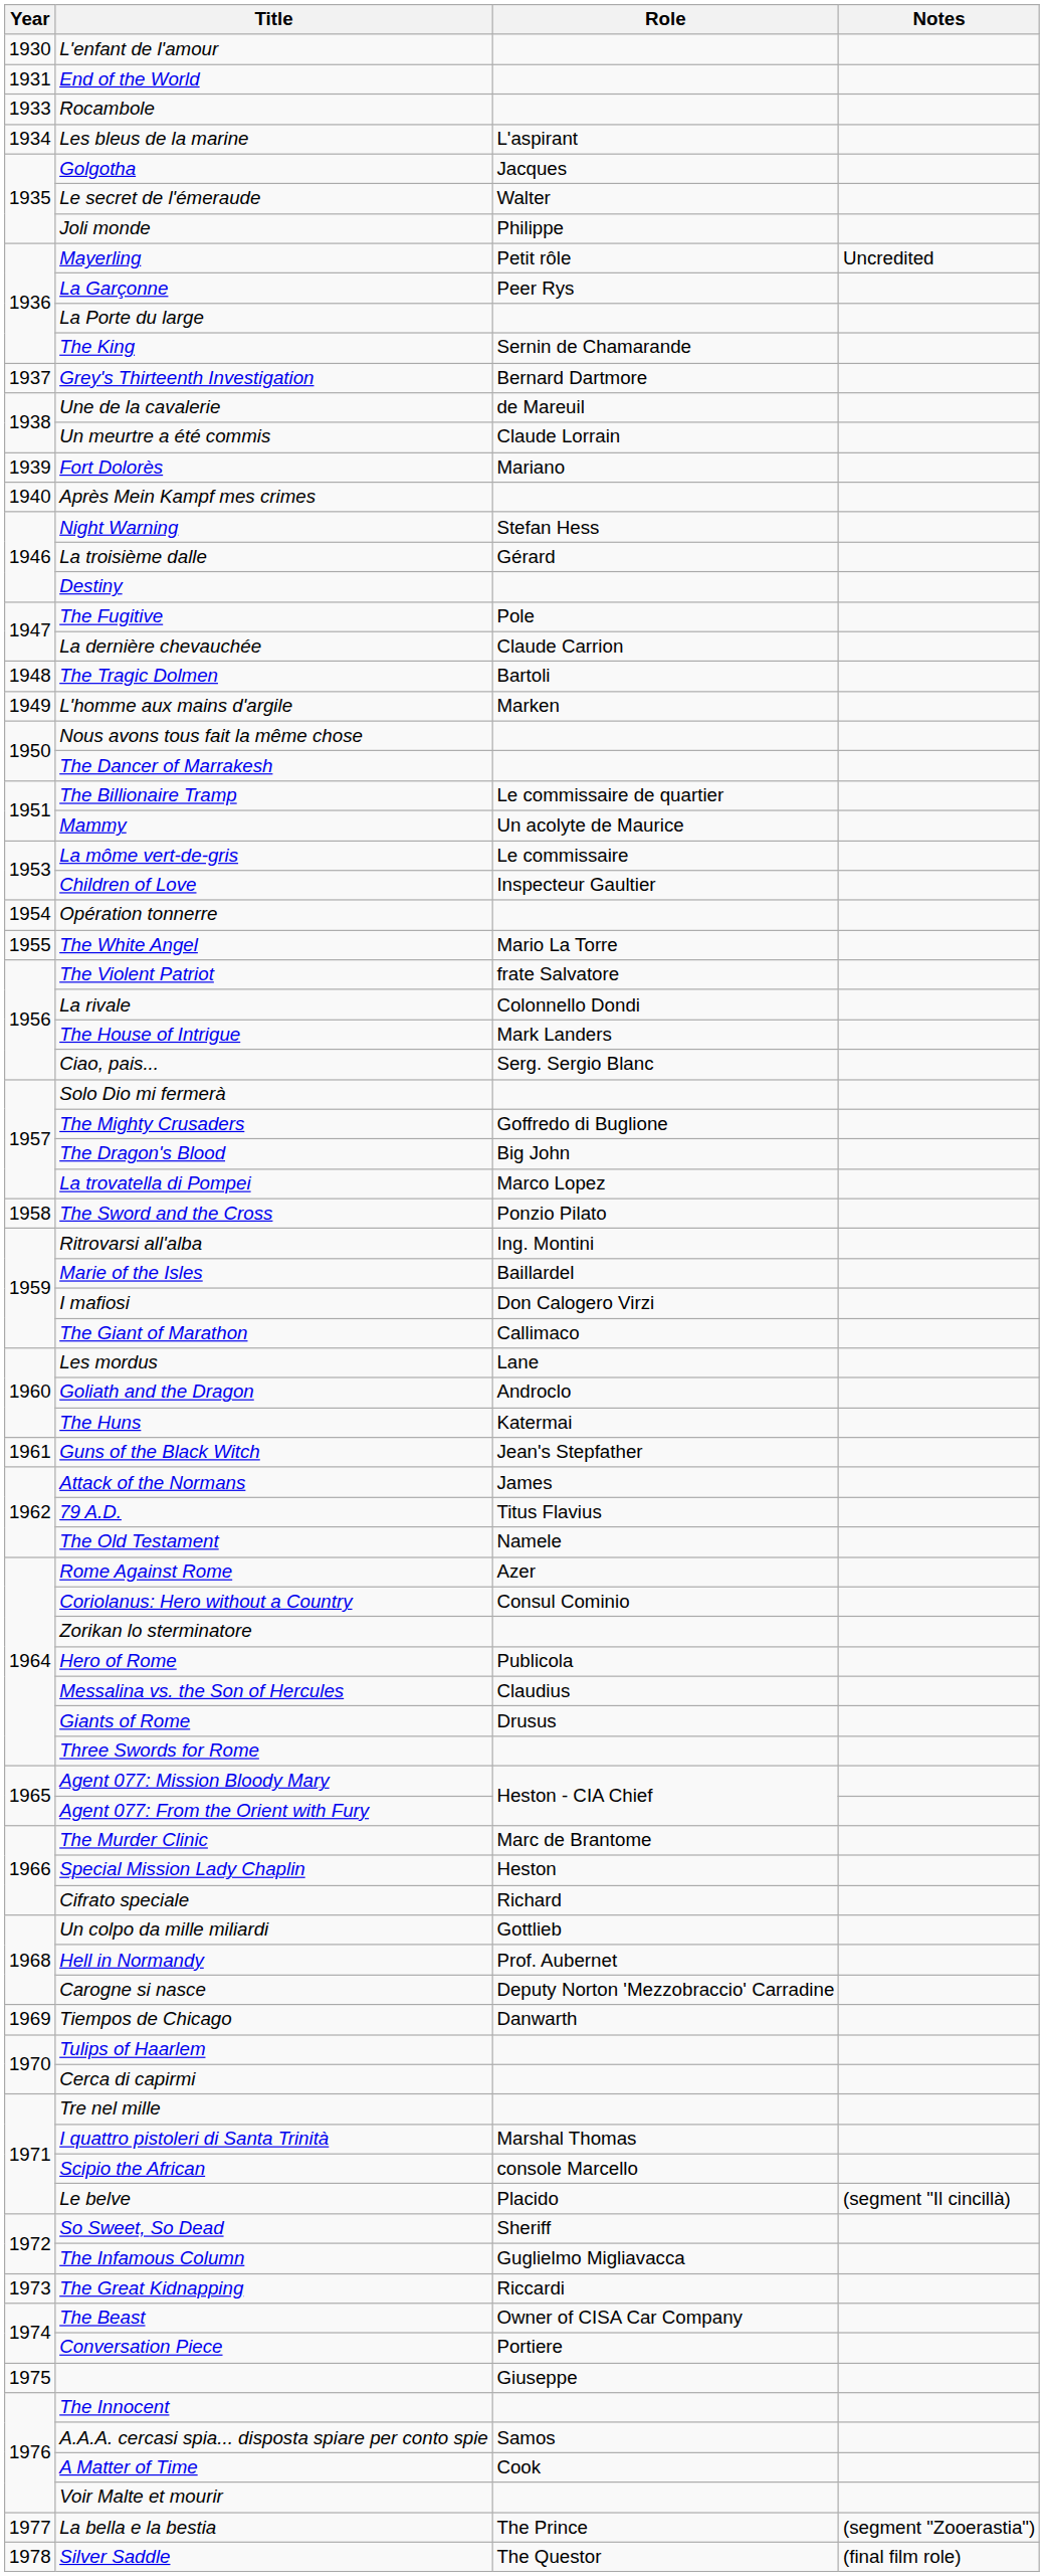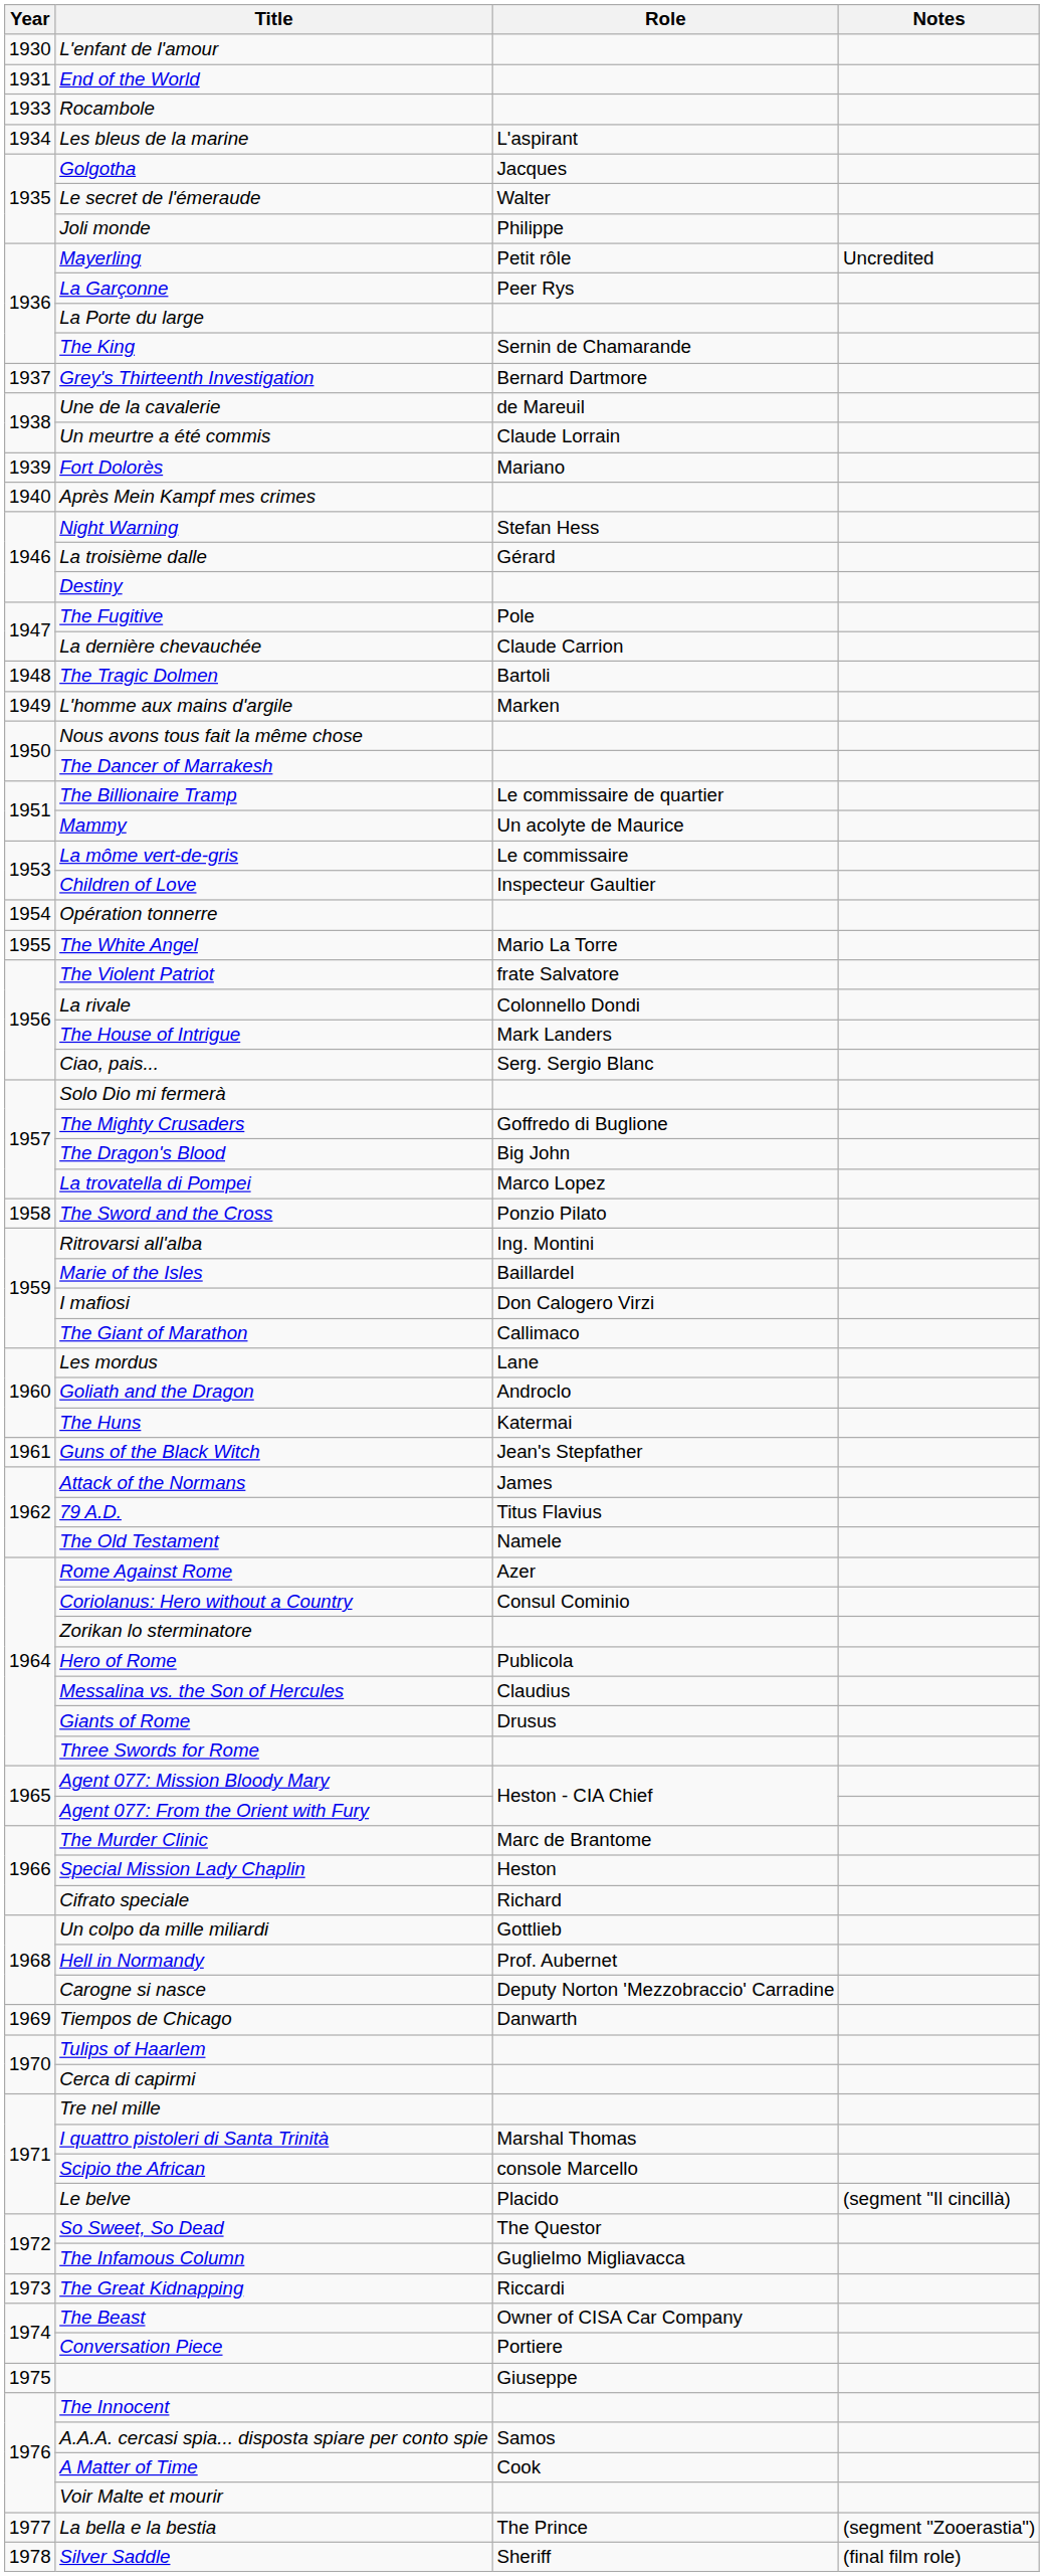 <table class="wikitable sortable">
 <tr>
 <th>Year</th>
 <th>Title</th>
 <th>Role</th>
 <th class="unsortable">Notes</th>
 </tr>
 <tr>
 <td>1930</td>
 <td><em>L'enfant de l'amour</em></td>
 <td></td>
 <td></td>
 </tr>
 <tr>
 <td>1931</td>
 <td><em><a href='#'>End of the World</a></em></td>
 <td></td>
 <td></td>
 </tr>
 <tr>
 <td>1933</td>
 <td><em>Rocambole</em></td>
 <td></td>
 <td></td>
 </tr>
 <tr>
 <td>1934</td>
 <td><em>Les bleus de la marine</em></td>
 <td>L'aspirant</td>
 <td></td>
 </tr>
 <tr>
 <td rowspan=3>1935</td>
 <td><em><a href='#'>Golgotha</a></em></td>
 <td>Jacques</td>
 <td></td>
 </tr>
 <tr>
 <td><em>Le secret de l'émeraude</em></td>
 <td>Walter</td>
 <td></td>
 </tr>
 <tr>
 <td><em>Joli monde</em></td>
 <td>Philippe</td>
 <td></td>
 </tr>
 <tr>
 <td rowspan=4>1936</td>
 <td><em><a href='#'>Mayerling</a></em></td>
 <td>Petit rôle</td>
 <td>Uncredited</td>
 </tr>
 <tr>
 <td><em><a href='#'>La Garçonne</a></em></td>
 <td>Peer Rys</td>
 <td></td>
 </tr>
 <tr>
 <td><em>La Porte du large</em></td>
 <td></td>
 <td></td>
 </tr>
 <tr>
 <td><em><a href='#'>The King</a></em></td>
 <td>Sernin de Chamarande</td>
 <td></td>
 </tr>
 <tr>
 <td>1937</td>
 <td><em><a href='#'>Grey's Thirteenth Investigation</a></em></td>
 <td>Bernard Dartmore</td>
 <td></td>
 </tr>
 <tr>
 <td rowspan=2>1938</td>
 <td><em>Une de la cavalerie</em></td>
 <td>de Mareuil</td>
 <td></td>
 </tr>
 <tr>
 <td><em>Un meurtre a été commis</em></td>
 <td>Claude Lorrain</td>
 <td></td>
 </tr>
 <tr>
 <td>1939</td>
 <td><em><a href='#'>Fort Dolorès</a></em></td>
 <td>Mariano</td>
 <td></td>
 </tr>
 <tr>
 <td>1940</td>
 <td><em>Après Mein Kampf mes crimes</em></td>
 <td></td>
 <td></td>
 </tr>
 <tr>
 <td rowspan=3>1946</td>
 <td><em><a href='#'>Night Warning</a></em></td>
 <td>Stefan Hess</td>
 <td></td>
 </tr>
 <tr>
 <td><em>La troisième dalle</em></td>
 <td>Gérard</td>
 <td></td>
 </tr>
 <tr>
 <td><em><a href='#'>Destiny</a></em></td>
 <td></td>
 <td></td>
 </tr>
 <tr>
 <td rowspan=2>1947</td>
 <td><em><a href='#'>The Fugitive</a></em></td>
 <td>Pole</td>
 <td></td>
 </tr>
 <tr>
 <td><em>La dernière chevauchée</em></td>
 <td>Claude Carrion</td>
 <td></td>
 </tr>
 <tr>
 <td>1948</td>
 <td><em><a href='#'>The Tragic Dolmen</a></em></td>
 <td>Bartoli</td>
 <td></td>
 </tr>
 <tr>
 <td>1949</td>
 <td><em>L'homme aux mains d'argile</em></td>
 <td>Marken</td>
 <td></td>
 </tr>
 <tr>
 <td rowspan=2>1950</td>
 <td><em>Nous avons tous fait la même chose</em></td>
 <td></td>
 <td></td>
 </tr>
 <tr>
 <td><em><a href='#'>The Dancer of Marrakesh</a></em></td>
 <td></td>
 <td></td>
 </tr>
 <tr>
 <td rowspan=2>1951</td>
 <td><em><a href='#'>The Billionaire Tramp</a></em></td>
 <td>Le commissaire de quartier</td>
 <td></td>
 </tr>
 <tr>
 <td><em><a href='#'>Mammy</a></em></td>
 <td>Un acolyte de Maurice</td>
 <td></td>
 </tr>
 <tr>
 <td rowspan=2>1953</td>
 <td><em><a href='#'>La môme vert-de-gris</a></em></td>
 <td>Le commissaire</td>
 <td></td>
 </tr>
 <tr>
 <td><em><a href='#'>Children of Love</a></em></td>
 <td>Inspecteur Gaultier</td>
 <td></td>
 </tr>
 <tr>
 <td>1954</td>
 <td><em>Opération tonnerre</em></td>
 <td></td>
 <td></td>
 </tr>
 <tr>
 <td>1955</td>
 <td><em><a href='#'>The White Angel</a></em></td>
 <td>Mario La Torre</td>
 <td></td>
 </tr>
 <tr>
 <td rowspan=4>1956</td>
 <td><em><a href='#'>The Violent Patriot</a></em></td>
 <td>frate Salvatore</td>
 <td></td>
 </tr>
 <tr>
 <td><em>La rivale</em></td>
 <td>Colonnello Dondi</td>
 <td></td>
 </tr>
 <tr>
 <td><em><a href='#'>The House of Intrigue</a></em></td>
 <td>Mark Landers</td>
 <td></td>
 </tr>
 <tr>
 <td><em>Ciao, pais...</em></td>
 <td>Serg. Sergio Blanc</td>
 <td></td>
 </tr>
 <tr>
 <td rowspan=4>1957</td>
 <td><em>Solo Dio mi fermerà</em></td>
 <td></td>
 <td></td>
 </tr>
 <tr>
 <td><em><a href='#'>The Mighty Crusaders</a></em></td>
 <td>Goffredo di Buglione</td>
 <td></td>
 </tr>
 <tr>
 <td><em><a href='#'>The Dragon's Blood</a></em></td>
 <td>Big John</td>
 <td></td>
 </tr>
 <tr>
 <td><em><a href='#'>La trovatella di Pompei</a></em></td>
 <td>Marco Lopez</td>
 <td></td>
 </tr>
 <tr>
 <td>1958</td>
 <td><em><a href='#'>The Sword and the Cross</a></em></td>
 <td>Ponzio Pilato</td>
 <td></td>
 </tr>
 <tr>
 <td rowspan=4>1959</td>
 <td><em>Ritrovarsi all'alba</em></td>
 <td>Ing. Montini</td>
 <td></td>
 </tr>
 <tr>
 <td><em><a href='#'>Marie of the Isles</a></em></td>
 <td>Baillardel</td>
 <td></td>
 </tr>
 <tr>
 <td><em>I mafiosi</em></td>
 <td>Don Calogero Virzi</td>
 <td></td>
 </tr>
 <tr>
 <td><em><a href='#'>The Giant of Marathon</a></em></td>
 <td>Callimaco</td>
 <td></td>
 </tr>
 <tr>
 <td rowspan=3>1960</td>
 <td><em>Les mordus</em></td>
 <td>Lane</td>
 <td></td>
 </tr>
 <tr>
 <td><em><a href='#'>Goliath and the Dragon</a></em></td>
 <td>Androclo</td>
 <td></td>
 </tr>
 <tr>
 <td><em><a href='#'>The Huns</a></em></td>
 <td>Katermai</td>
 <td></td>
 </tr>
 <tr>
 <td>1961</td>
 <td><em><a href='#'>Guns of the Black Witch</a></em></td>
 <td>Jean's Stepfather</td>
 <td></td>
 </tr>
 <tr>
 <td rowspan=3>1962</td>
 <td><em><a href='#'>Attack of the Normans</a></em></td>
 <td>James</td>
 <td></td>
 </tr>
 <tr>
 <td><em><a href='#'>79 A.D.</a></em></td>
 <td>Titus Flavius</td>
 <td></td>
 </tr>
 <tr>
 <td><em><a href='#'>The Old Testament</a></em></td>
 <td>Namele</td>
 <td></td>
 </tr>
 <tr>
 <td rowspan=7>1964</td>
 <td><em><a href='#'>Rome Against Rome</a></em></td>
 <td>Azer</td>
 <td></td>
 </tr>
 <tr>
 <td><em><a href='#'>Coriolanus: Hero without a Country</a></em></td>
 <td>Consul Cominio</td>
 <td></td>
 </tr>
 <tr>
 <td><em>Zorikan lo sterminatore</em></td>
 <td></td>
 <td></td>
 </tr>
 <tr>
 <td><em><a href='#'>Hero of Rome</a></em></td>
 <td>Publicola</td>
 <td></td>
 </tr>
 <tr>
 <td><em><a href='#'>Messalina vs. the Son of Hercules</a></em></td>
 <td>Claudius</td>
 <td></td>
 </tr>
 <tr>
 <td><em><a href='#'>Giants of Rome</a></em></td>
 <td>Drusus</td>
 <td></td>
 </tr>
 <tr>
 <td><em><a href='#'>Three Swords for Rome</a></em></td>
 <td></td>
 <td></td>
 </tr>
 <tr>
 <td rowspan=2>1965</td>
 <td><em><a href='#'>Agent 077: Mission Bloody Mary</a></em></td>
 <td rowspan=2>Heston - CIA Chief</td>
 <td></td>
 </tr>
 <tr>
 <td><em><a href='#'>Agent 077: From the Orient with Fury</a></em></td>
 <td></td>
 </tr>
 <tr>
 <td rowspan=3>1966</td>
 <td><em><a href='#'>The Murder Clinic</a></em></td>
 <td>Marc de Brantome</td>
 <td></td>
 </tr>
 <tr>
 <td><em><a href='#'>Special Mission Lady Chaplin</a></em></td>
 <td>Heston</td>
 <td></td>
 </tr>
 <tr>
 <td><em>Cifrato speciale</em></td>
 <td>Richard</td>
 <td></td>
 </tr>
 <tr>
 <td rowspan=3>1968</td>
 <td><em>Un colpo da mille miliardi</em></td>
 <td>Gottlieb</td>
 <td></td>
 </tr>
 <tr>
 <td><em><a href='#'>Hell in Normandy</a></em></td>
 <td>Prof. Aubernet</td>
 <td></td>
 </tr>
 <tr>
 <td><em>Carogne si nasce</em></td>
 <td>Deputy Norton 'Mezzobraccio' Carradine</td>
 <td></td>
 </tr>
 <tr>
 <td>1969</td>
 <td><em>Tiempos de Chicago</em></td>
 <td>Danwarth</td>
 <td></td>
 </tr>
 <tr>
 <td rowspan=2>1970</td>
 <td><em><a href='#'>Tulips of Haarlem</a></em></td>
 <td></td>
 <td></td>
 </tr>
 <tr>
 <td><em>Cerca di capirmi</em></td>
 <td></td>
 <td></td>
 </tr>
 <tr>
 <td rowspan=4>1971</td>
 <td><em>Tre nel mille</em></td>
 <td></td>
 <td></td>
 </tr>
 <tr>
 <td><em><a href='#'>I quattro pistoleri di Santa Trinità</a></em></td>
 <td>Marshal Thomas</td>
 <td></td>
 </tr>
 <tr>
 <td><em><a href='#'>Scipio the African</a></em></td>
 <td>console Marcello</td>
 <td></td>
 </tr>
 <tr>
 <td><em>Le belve</em></td>
 <td>Placido</td>
 <td>(segment "Il cincillà)</td>
 </tr>
 <tr>
 <td rowspan=2>1972</td>
 <td><em><a href='#'>So Sweet, So Dead</a></em></td>
-<td>Sheriff</td>
+<td>The Questor</td>
 <td></td>
 </tr>
 <tr>
 <td><em><a href='#'>The Infamous Column</a></em></td>
 <td>Guglielmo Migliavacca</td>
 <td></td>
 </tr>
 <tr>
 <td>1973</td>
 <td><em><a href='#'>The Great Kidnapping</a></em></td>
 <td>Riccardi</td>
 <td></td>
 </tr>
 <tr>
 <td rowspan=2>1974</td>
 <td><em><a href='#'>The Beast</a></em></td>
 <td>Owner of CISA Car Company</td>
 <td></td>
 </tr>
 <tr>
 <td><em><a href='#'>Conversation Piece</a></em></td>
 <td>Portiere</td>
 <td></td>
 </tr>
 <tr>
 <td>1975</td>
 <td><em></em></td>
 <td>Giuseppe</td>
 <td></td>
 </tr>
 <tr>
 <td rowspan=4>1976</td>
 <td><em><a href='#'>The Innocent</a></em></td>
 <td></td>
 <td></td>
 </tr>
 <tr>
 <td><em>A.A.A. cercasi spia... disposta spiare per conto spie</em></td>
 <td>Samos</td>
 <td></td>
 </tr>
 <tr>
 <td><em><a href='#'>A Matter of Time</a></em></td>
 <td>Cook</td>
 <td></td>
 </tr>
 <tr>
 <td><em>Voir Malte et mourir</em></td>
 <td></td>
 <td></td>
 </tr>
 <tr>
 <td>1977</td>
 <td><em>La bella e la bestia</em></td>
 <td>The Prince</td>
 <td>(segment "Zooerastia")</td>
 </tr>
 <tr>
 <td>1978</td>
 <td><em><a href='#'>Silver Saddle</a></em></td>
-<td>The Questor</td>
+<td>Sheriff</td>
 <td>(final film role)</td>
 </tr>
 </table>
